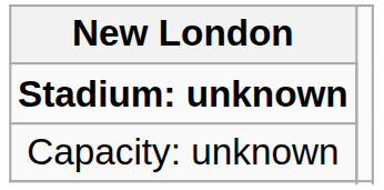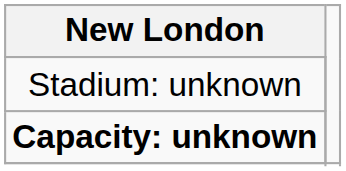 <table class="wikitable" style="text-align:center; margin:1em auto;">
 <tr>
 <th colspan="2">New London</th>
 <td rowspan=4></td>
 </tr>
 <tr>
-<td><strong>Stadium: unknown</strong></td>
+<td>Stadium: unknown</td>
 </tr>
 <tr>
-<td>Capacity: unknown</td>
+<td><strong>Capacity: unknown</strong></td>
 </tr>
 <tr>
 </tr>
 </table>
